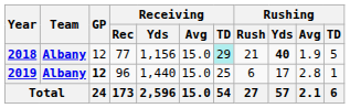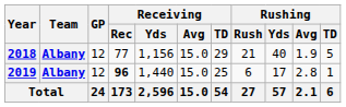 <table class=wikitable style="text-align:center;">
 <tr>
 <th rowspan="2">Year</th>
 <th rowspan="2">Team</th>
 <th rowspan="2">GP</th>
 <th colspan="4">Receiving</th>
 <th colspan="5">Rushing</th>
 </tr>
 <tr>
 <th>Rec</th>
 <th>Yds</th>
 <th>Avg</th>
 <th>TD</th>
 <th>Rush</th>
 <th>Yds</th>
 <th>Avg</th>
 <th>TD</th>
 </tr>
 <tr>
 <th><a href='#'>2018</a></th>
 <th><a href='#'>Albany</a></th>
 <td>12</td>
 <td>77</td>
 <td>1,156</td>
 <td>15.0</td>
-<td style="background: paleturquoise;">29</td>
+<td>29</td>
 <td>21</td>
-<td><strong>40</strong></td>
+<td>40</td>
 <td>1.9</td>
 <td>5</td>
 </tr>
 <tr>
 <th><a href='#'>2019</a></th>
 <th><a href='#'>Albany</a></th>
-<td><strong>12</strong></td>
-<td>96</td>
+<td>12</td>
+<td><strong>96</strong></td>
 <td>1,440</td>
 <td>15.0</td>
 <td>25</td>
 <td>6</td>
 <td>17</td>
 <td>2.8</td>
 <td>1</td>
 </tr>
 <tr>
 <th colspan="2">Total</th>
 <th>24</th>
 <th>173</th>
 <th>2,596</th>
 <th>15.0</th>
 <th>54</th>
 <th>27</th>
 <th>57</th>
 <th>2.1</th>
 <th>6</th>
 </tr>
 </table>
